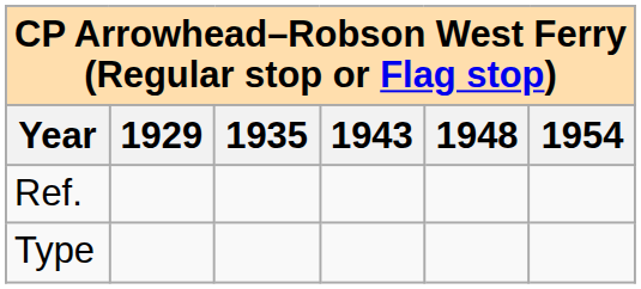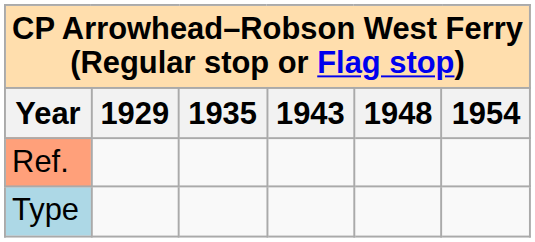 <table class="wikitable">
 <tr>
 <th colspan="7" style="background:#ffdead;">CP Arrowhead–Robson West Ferry<br>(Regular stop or <a href='#'>Flag stop</a>)</th>
 </tr>
 <tr>
 <th>Year</th>
 <th>1929</th>
 <th>1935</th>
 <th>1943</th>
 <th>1948</th>
 <th>1954</th>
 </tr>
 <tr>
-<td>Ref.</td>
+<td style="background: lightsalmon;">Ref.</td>
 <td></td>
 <td></td>
 <td></td>
 <td></td>
 <td></td>
 </tr>
 <tr>
-<td>Type</td>
+<td style="background: lightblue;">Type</td>
 <td></td>
 <td></td>
 <td></td>
 <td></td>
 <td></td>
 </tr>
 </table>
